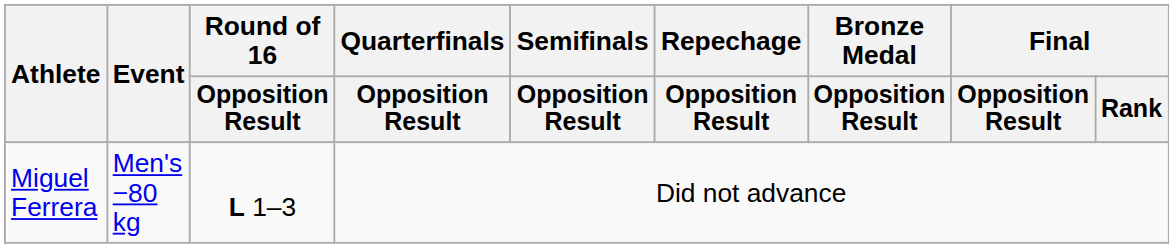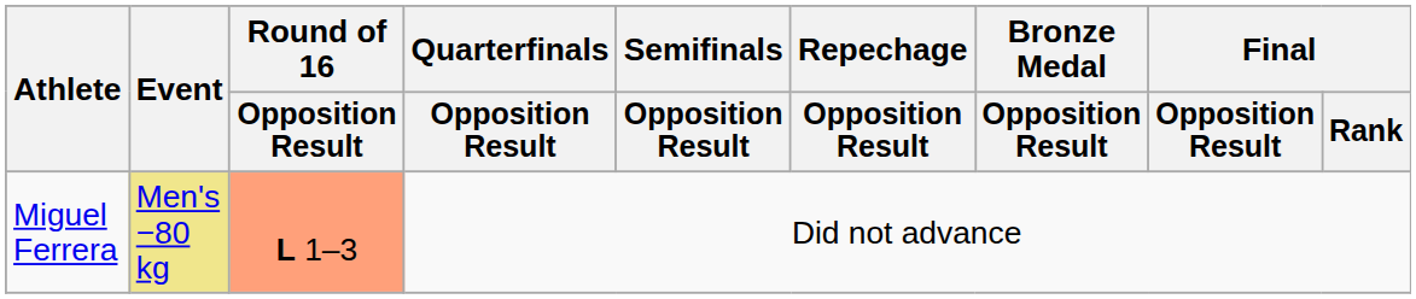 <table class="wikitable" style="font-size:90%">
 <tr>
 <th rowspan="2">Athlete</th>
 <th rowspan="2">Event</th>
 <th>Round of 16</th>
 <th>Quarterfinals</th>
 <th>Semifinals</th>
 <th>Repechage</th>
 <th>Bronze Medal</th>
 <th colspan=2>Final</th>
 </tr>
 <tr style="font-size:95%">
 <th>Opposition<br>Result</th>
 <th>Opposition<br>Result</th>
 <th>Opposition<br>Result</th>
 <th>Opposition<br>Result</th>
 <th>Opposition<br>Result</th>
 <th>Opposition<br>Result</th>
 <th>Rank</th>
 </tr>
 <tr align=center>
 <td align=left><a href='#'>Miguel Ferrera</a></td>
-<td align=left><a href='#'>Men's −80 kg</a></td>
-<td><br><strong>L</strong> 1–3</td>
+<td align=left style="background: khaki;"><a href='#'>Men's −80 kg</a></td>
+<td style="background: lightsalmon;"><br><strong>L</strong> 1–3</td>
 <td colspan=6>Did not advance</td>
 </tr>
 </table>
